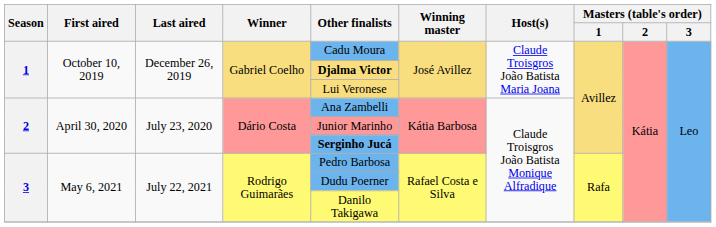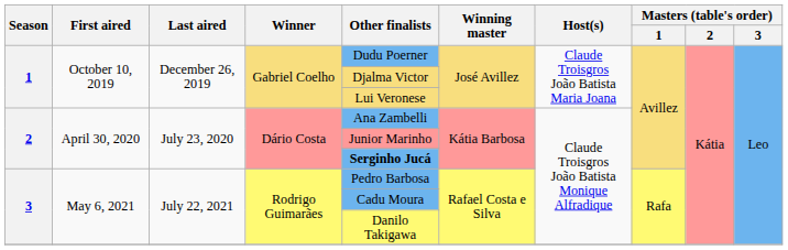 <table class="wikitable" style="text-align:center; font-size:95%; line-height:16px;" width="100%">
 <tr>
 <th rowspan="2" scope="col" width="01%">Season</th>
 <th rowspan="2" scope="col" width="10%">First aired</th>
 <th rowspan="2" scope="col" width="10%">Last aired</th>
 <th rowspan="2" scope="col" width="10%">Winner</th>
 <th rowspan="2" scope="col" width="10%">Other finalists</th>
 <th rowspan="2" scope="col" width="10%">Winning master</th>
 <th rowspan="2" scope="col" width="10%">Host(s)</th>
 <th colspan="3" scope="col" width="15%">Masters (table's order)</th>
 </tr>
 <tr>
 <th scope="col" width="5%">1</th>
 <th scope="col" width="5%">2</th>
 <th scope="col" width="5%">3</th>
 </tr>
 <tr>
 <th rowspan=3 scope="row"><a href='#'>1</a></th>
 <td rowspan=3>October 10, 2019</td>
 <td rowspan=3>December 26, 2019</td>
 <td rowspan=3 bgcolor="F8DE7E">Gabriel Coelho</td>
-<td rowspan=1 bgcolor="6CB4EE">Cadu Moura</td>
+<td rowspan=1 bgcolor="6CB4EE">Dudu Poerner</td>
 <td rowspan=3 bgcolor="F8DE7E">José Avillez</td>
 <td rowspan=3><a href='#'>Claude Troisgros</a><br>João Batista<br><a href='#'>Maria Joana</a></td>
 <td rowspan=6 bgcolor="F8DE7E">Avillez</td>
 <td rowspan=9 bgcolor="FF9999">Kátia</td>
 <td rowspan=9 bgcolor="6CB4EE">Leo</td>
 </tr>
 <tr>
-<td rowspan=1 bgcolor="F8DE7E"><strong>Djalma Victor</strong></td>
+<td rowspan=1 bgcolor="F8DE7E">Djalma Victor</td>
 </tr>
 <tr>
 <td rowspan=1 bgcolor="F8DE7E">Lui Veronese</td>
 </tr>
 <tr>
 <th rowspan=3 scope="row"><a href='#'>2</a></th>
 <td rowspan=3>April 30, 2020</td>
 <td rowspan=3>July 23, 2020</td>
 <td rowspan=3 bgcolor="FF9999">Dário Costa</td>
 <td rowspan=1 bgcolor="6CB4EE">Ana Zambelli</td>
 <td rowspan=3 bgcolor="FF9999">Kátia Barbosa</td>
 <td rowspan=6>Claude Troisgros<br>João Batista<br><a href='#'>Monique Alfradique</a></td>
 </tr>
 <tr>
 <td rowspan=1 bgcolor="FF9999">Junior Marinho</td>
 </tr>
 <tr>
 <td rowspan=1 bgcolor="6CB4EE"><strong>Serginho Jucá</strong></td>
 </tr>
 <tr>
 <th rowspan=3 scope="row"><a href='#'>3</a></th>
 <td rowspan=3>May 6, 2021</td>
 <td rowspan=3>July 22, 2021</td>
 <td rowspan=3 bgcolor="FFFA73">Rodrigo Guimarães</td>
 <td rowspan=1 bgcolor="6CB4EE">Pedro Barbosa</td>
 <td rowspan=3 bgcolor="FFFA73">Rafael Costa e Silva</td>
 <td rowspan=3 bgcolor="FFFA73">Rafa</td>
 </tr>
 <tr>
-<td rowspan=1 bgcolor="6CB4EE">Dudu Poerner</td>
+<td rowspan=1 bgcolor="6CB4EE">Cadu Moura</td>
 </tr>
 <tr>
 <td rowspan=1 bgcolor="FFFA73">Danilo Takigawa</td>
 </tr>
 <tr>
 </tr>
 </table>
